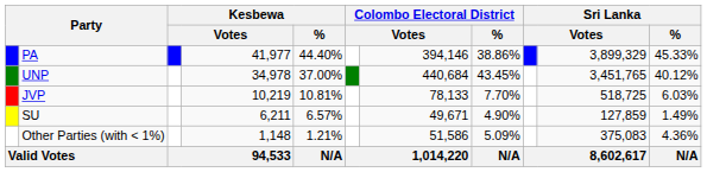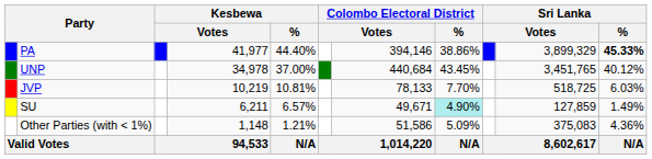 <table class="wikitable">
 <tr>
 <th colspan="2" width="144px"rowspan="2">Party</th>
 <th colspan="3" width="216px">Kesbewa</th>
 <th colspan="3" width="216px"><a href='#'>Colombo Electoral District</a></th>
 <th colspan="3" width="216px">Sri Lanka</th>
 </tr>
 <tr>
 <th colspan="2" width="144px">Votes</th>
 <th>%</th>
 <th colspan="2" width="144px">Votes</th>
 <th>%</th>
 <th colspan="2" width="144px">Votes</th>
 <th>%</th>
 </tr>
 <tr>
 <td style="background-color:blue;" width="10px"></td>
 <td style="text-align:left;"><a href='#'>PA</a></td>
 <td style="background-color:blue;" width="10px"></td>
 <td style="text-align:right;">41,977</td>
 <td style="text-align:right;">44.40%</td>
 <td style="background-color:white;" width="10px"></td>
 <td style="text-align:right;">394,146</td>
 <td style="text-align:right;">38.86%</td>
 <td style="background-color:blue;" width="10px"></td>
 <td style="text-align:right;">3,899,329</td>
-<td style="text-align:right;">45.33%</td>
+<td style="text-align:right;"><strong>45.33%</strong></td>
 </tr>
 <tr>
 <td style="background-color:green;" width="10px"></td>
 <td style="text-align:left;"><a href='#'>UNP</a></td>
 <td style="background-color:white;" width="10px"></td>
 <td style="text-align:right;">34,978</td>
 <td style="text-align:right;">37.00%</td>
 <td style="background-color:green;" width="10px"></td>
 <td style="text-align:right;">440,684</td>
 <td style="text-align:right;">43.45%</td>
 <td style="background-color:white;" width="10px"></td>
 <td style="text-align:right;">3,451,765</td>
 <td style="text-align:right;">40.12%</td>
 </tr>
 <tr>
 <td style="background-color:red;" width="10px"></td>
 <td style="text-align:left;"><a href='#'>JVP</a></td>
 <td style="background-color:white;" width="10px"></td>
 <td style="text-align:right;">10,219</td>
 <td style="text-align:right;">10.81%</td>
 <td style="background-color:white;" width="10px"></td>
 <td style="text-align:right;">78,133</td>
 <td style="text-align:right;">7.70%</td>
 <td style="background-color:white;" width="10px"></td>
 <td style="text-align:right;">518,725</td>
 <td style="text-align:right;">6.03%</td>
 </tr>
 <tr>
 <td style="background-color:yellow;" width="10px"></td>
 <td style="text-align:left;">SU</td>
 <td style="background-color:white;" width="10px"></td>
 <td style="text-align:right;">6,211</td>
 <td style="text-align:right;">6.57%</td>
 <td style="background-color:white;" width="10px"></td>
 <td style="text-align:right;">49,671</td>
-<td style="text-align:right;">4.90%</td>
+<td style="background: paleturquoise; text-align:right;">4.90%</td>
 <td style="background-color:white;" width="10px"></td>
 <td style="text-align:right;">127,859</td>
 <td style="text-align:right;">1.49%</td>
 </tr>
 <tr>
 <td style="background-color:white;" width="10px"></td>
 <td style="text-align:left;">Other Parties (with < 1%)</td>
 <td style="background-color:white;" width="10px"></td>
 <td style="text-align:right;">1,148</td>
 <td style="text-align:right;">1.21%</td>
 <td style="background-color:white;" width="10px"></td>
 <td style="text-align:right;">51,586</td>
 <td style="text-align:right;">5.09%</td>
 <td style="background-color:white;" width="10px"></td>
 <td style="text-align:right;">375,083</td>
 <td style="text-align:right;">4.36%</td>
 </tr>
 <tr>
 <th colspan="2" width="144px"style="text-align:left;">Valid Votes</th>
 <th style="text-align:right;"colspan="2" width="144px">94,533</th>
 <th style="text-align:right;">N/A</th>
 <th style="text-align:right;"colspan="2" width="144px">1,014,220</th>
 <th style="text-align:right;">N/A</th>
 <th style="text-align:right;"colspan="2" width="144px">8,602,617</th>
 <th style="text-align:right;">N/A</th>
 </tr>
 </table>
